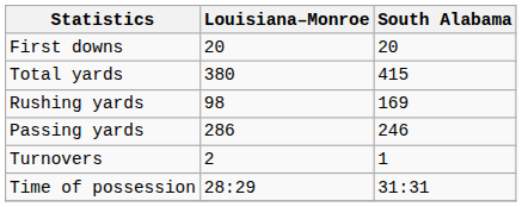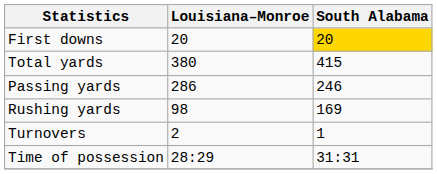 <table class="wikitable">
 <tr>
 <th>Statistics</th>
 <th>Louisiana–Monroe</th>
 <th>South Alabama</th>
 </tr>
 <tr>
 <td>First downs</td>
 <td>20</td>
-<td>20</td>
+<td style="background: gold;">20</td>
 </tr>
 <tr>
 <td>Total yards</td>
 <td>380</td>
 <td>415</td>
 </tr>
 <tr>
+<td>Passing yards</td>
+<td>286</td>
+<td>246</td>
+</tr>
+<tr>
 <td>Rushing yards</td>
 <td>98</td>
 <td>169</td>
-</tr>
-<tr>
-<td>Passing yards</td>
-<td>286</td>
-<td>246</td>
 </tr>
 <tr>
 <td>Turnovers</td>
 <td>2</td>
 <td>1</td>
 </tr>
 <tr>
 <td>Time of possession</td>
 <td>28:29</td>
 <td>31:31</td>
 </tr>
 <tr>
 </tr>
 </table>
